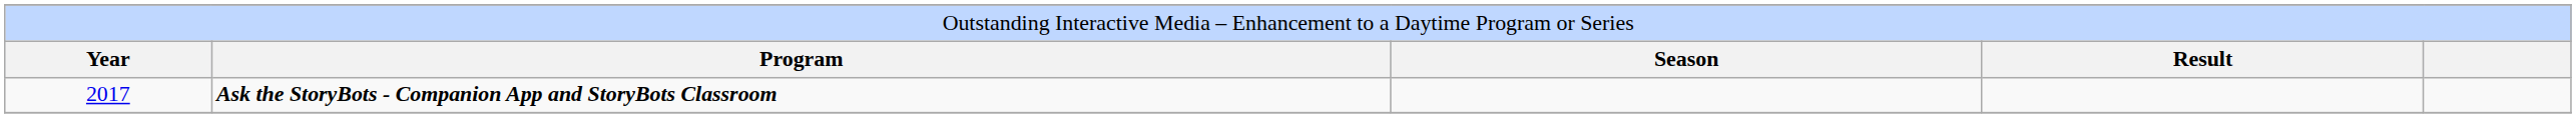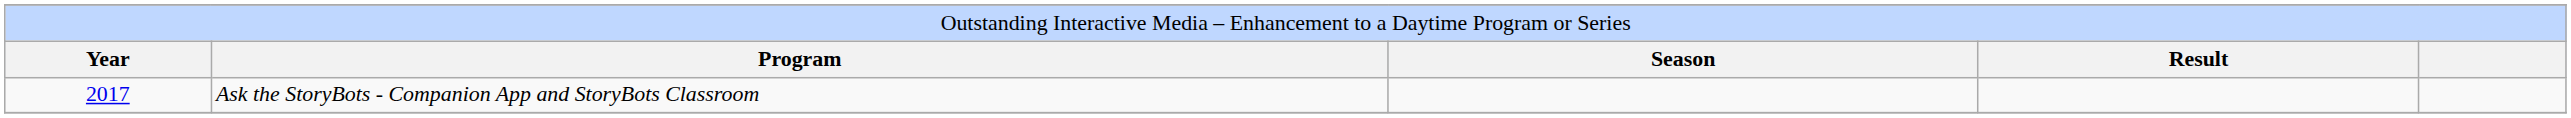 <table class="wikitable plainrowheaders" style="font-size: 90%" width=85%>
 <tr>
 </tr>
 <tr ---- bgcolor="#bfd7ff">
 <td colspan=6 align=center>Outstanding Interactive Media – Enhancement to a Daytime Program or Series</td>
 </tr>
 <tr ---- bgcolor="#ebf5ff">
 <th scope="col" style="width:7%;">Year</th>
 <th scope="col" style="width:40%;">Program</th>
 <th scope="col" style="width:20%;">Season</th>
 <th scope="col" style="width:15%;">Result</th>
 <th scope="col" class="unsortable" style="width:5%;"></th>
 </tr>
 <tr>
 <td style="text-align:center;"><a href='#'>2017</a></td>
-<td><strong><em>Ask the StoryBots - Companion App and StoryBots Classroom</em></strong></td>
+<td><em>Ask the StoryBots - Companion App and StoryBots Classroom</em></td>
 <td></td>
 <td></td>
 <td style="text-align:center;"></td>
 </tr>
 <tr>
 </tr>
 </table>
